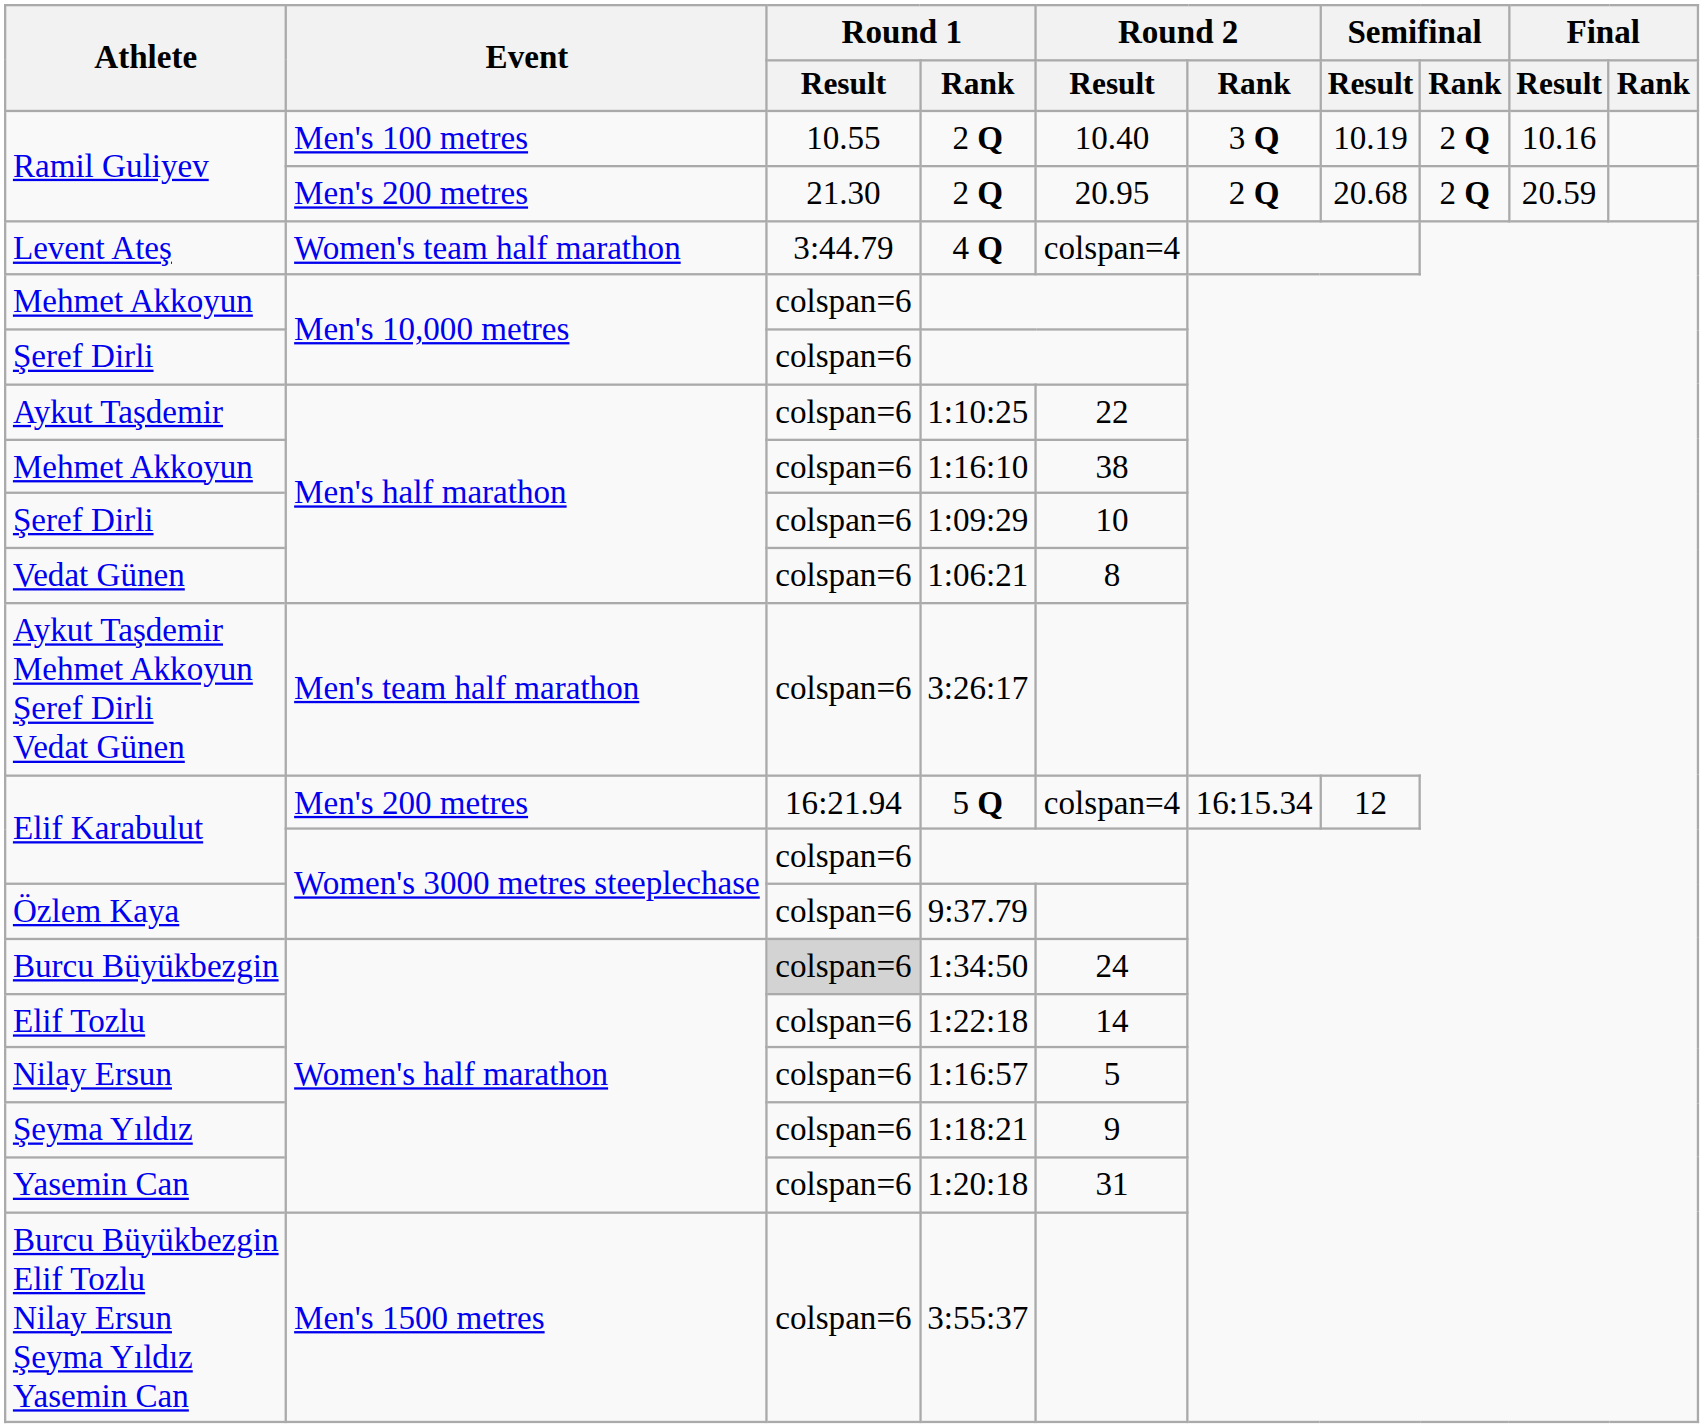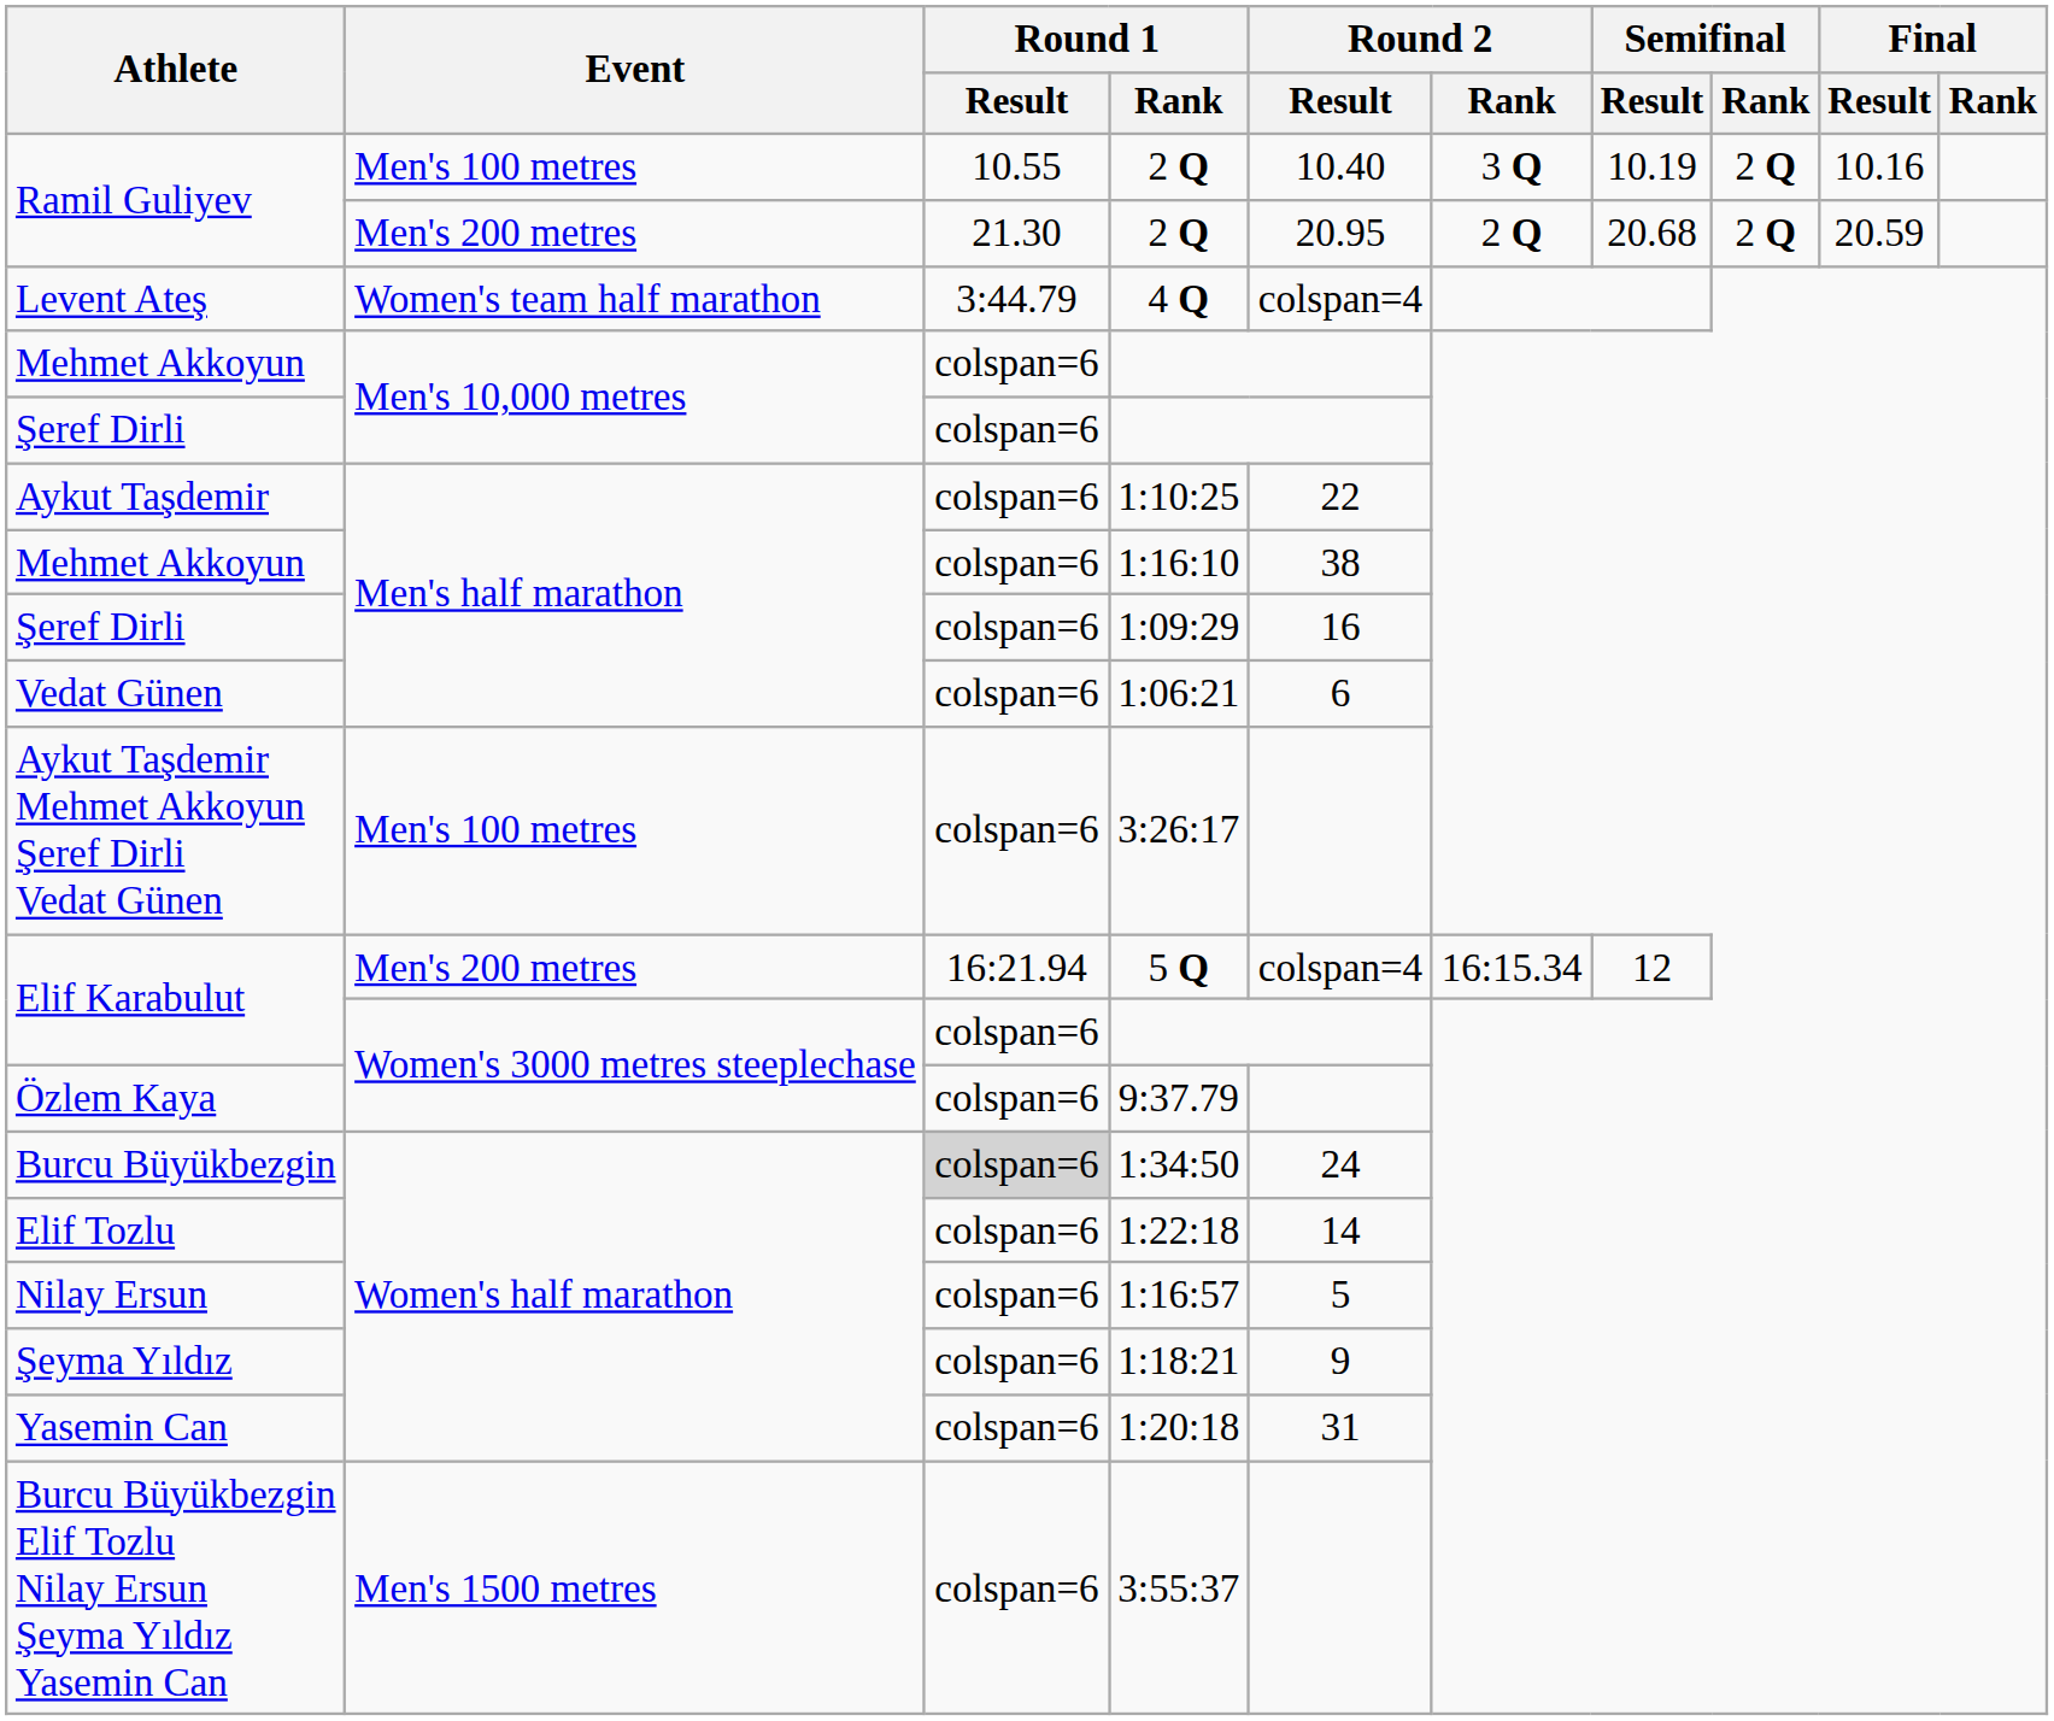 <table class="wikitable" style="font-size:90%">
 <tr>
 <th rowspan=2>Athlete</th>
 <th rowspan=2>Event</th>
 <th colspan=2>Round 1</th>
 <th colspan=2>Round 2</th>
 <th colspan=2>Semifinal</th>
 <th colspan=2>Final</th>
 </tr>
 <tr style="font-size:95%">
 <th>Result</th>
 <th>Rank</th>
 <th>Result</th>
 <th>Rank</th>
 <th>Result</th>
 <th>Rank</th>
 <th>Result</th>
 <th>Rank</th>
 </tr>
 <tr align=center>
 <td align=left rowspan=2><a href='#'>Ramil Guliyev</a></td>
 <td align=left><a href='#'>Men's 100 metres</a></td>
 <td>10.55</td>
 <td>2 <strong>Q</strong></td>
 <td>10.40</td>
 <td>3 <strong>Q</strong></td>
 <td>10.19</td>
 <td>2 <strong>Q</strong></td>
 <td>10.16</td>
 <td></td>
 </tr>
 <tr align=center>
 <td align=left><a href='#'>Men's 200 metres</a></td>
 <td>21.30</td>
 <td>2 <strong>Q</strong></td>
 <td>20.95</td>
 <td>2 <strong>Q</strong></td>
 <td>20.68</td>
 <td>2 <strong>Q</strong></td>
 <td>20.59 <strong></strong></td>
 <td></td>
 </tr>
 <tr align=center>
 <td align=left><a href='#'>Levent Ateş</a></td>
 <td align=left><a href='#'>Women's team half marathon</a></td>
 <td>3:44.79</td>
 <td>4 <strong>Q</strong></td>
 <td>colspan=4 </td>
 <td colspan=2></td>
 </tr>
 <tr align=center>
 <td align=left><a href='#'>Mehmet Akkoyun</a></td>
 <td align=left rowspan=2><a href='#'>Men's 10,000 metres</a></td>
 <td>colspan=6 </td>
 <td colspan=2></td>
 </tr>
 <tr align=center>
 <td align=left><a href='#'>Şeref Dirli</a></td>
 <td>colspan=6 </td>
 <td colspan=2></td>
 </tr>
 <tr align=center>
 <td align=left><a href='#'>Aykut Taşdemir</a></td>
 <td align=left rowspan=4><a href='#'>Men's half marathon</a></td>
 <td>colspan=6 </td>
 <td>1:10:25</td>
 <td>22</td>
 </tr>
 <tr align=center>
 <td align=left><a href='#'>Mehmet Akkoyun</a></td>
 <td>colspan=6 </td>
 <td>1:16:10</td>
 <td>38</td>
 </tr>
 <tr align=center>
 <td align=left><a href='#'>Şeref Dirli</a></td>
 <td>colspan=6 </td>
 <td>1:09:29</td>
-<td>10</td>
+<td>16</td>
 </tr>
 <tr align=center>
 <td align=left><a href='#'>Vedat Günen</a></td>
 <td>colspan=6 </td>
 <td>1:06:21 <strong></strong></td>
-<td>8</td>
+<td>6</td>
 </tr>
 <tr align=center>
 <td align=left><a href='#'>Aykut Taşdemir</a><br><a href='#'>Mehmet Akkoyun</a><br><a href='#'>Şeref Dirli</a><br><a href='#'>Vedat Günen</a></td>
-<td align=left><a href='#'>Men's team half marathon</a></td>
+<td align=left><a href='#'>Men's 100 metres</a></td>
 <td>colspan=6 </td>
 <td>3:26:17</td>
 <td></td>
 </tr>
 <tr align=center>
 <td align=left rowspan=2><a href='#'>Elif Karabulut</a></td>
 <td align=left><a href='#'>Men's 200 metres</a></td>
 <td>16:21.94 <strong></strong></td>
 <td>5 <strong>Q</strong></td>
 <td>colspan=4 </td>
 <td>16:15.34 <strong></strong></td>
 <td>12</td>
 </tr>
 <tr align=center>
 <td align=left rowspan=2><a href='#'>Women's 3000 metres steeplechase</a></td>
 <td>colspan=6 </td>
 <td colspan=2></td>
 </tr>
 <tr align=center>
 <td align=left><a href='#'>Özlem Kaya</a></td>
 <td>colspan=6 </td>
 <td>9:37.79</td>
 <td></td>
 </tr>
 <tr align=center>
 <td align=left><a href='#'>Burcu Büyükbezgin</a></td>
 <td align=left rowspan=5><a href='#'>Women's half marathon</a></td>
 <td style="background: lightgrey;">colspan=6 </td>
 <td>1:34:50</td>
 <td>24</td>
 </tr>
 <tr align=center>
 <td align=left><a href='#'>Elif Tozlu</a></td>
 <td>colspan=6 </td>
 <td>1:22:18</td>
 <td>14</td>
 </tr>
 <tr align=center>
 <td align=left><a href='#'>Nilay Ersun</a></td>
 <td>colspan=6 </td>
 <td>1:16:57</td>
 <td>5</td>
 </tr>
 <tr align=center>
 <td align=left><a href='#'>Şeyma Yıldız</a></td>
 <td>colspan=6 </td>
 <td>1:18:21</td>
 <td>9</td>
 </tr>
 <tr align=center>
 <td align=left><a href='#'>Yasemin Can</a></td>
 <td>colspan=6 </td>
 <td>1:20:18</td>
 <td>31</td>
 </tr>
 <tr align=center>
 <td align=left><a href='#'>Burcu Büyükbezgin</a><br><a href='#'>Elif Tozlu</a><br><a href='#'>Nilay Ersun</a><br><a href='#'>Şeyma Yıldız</a><br><a href='#'>Yasemin Can</a></td>
 <td align=left><a href='#'>Men's 1500 metres</a></td>
 <td>colspan=6 </td>
 <td>3:55:37</td>
 <td></td>
 </tr>
 </table>
